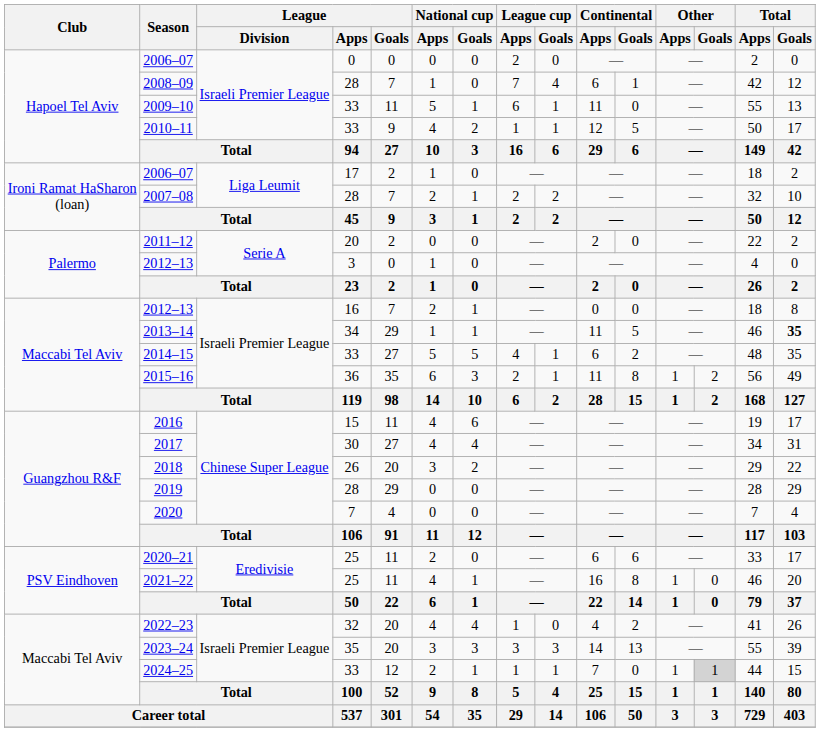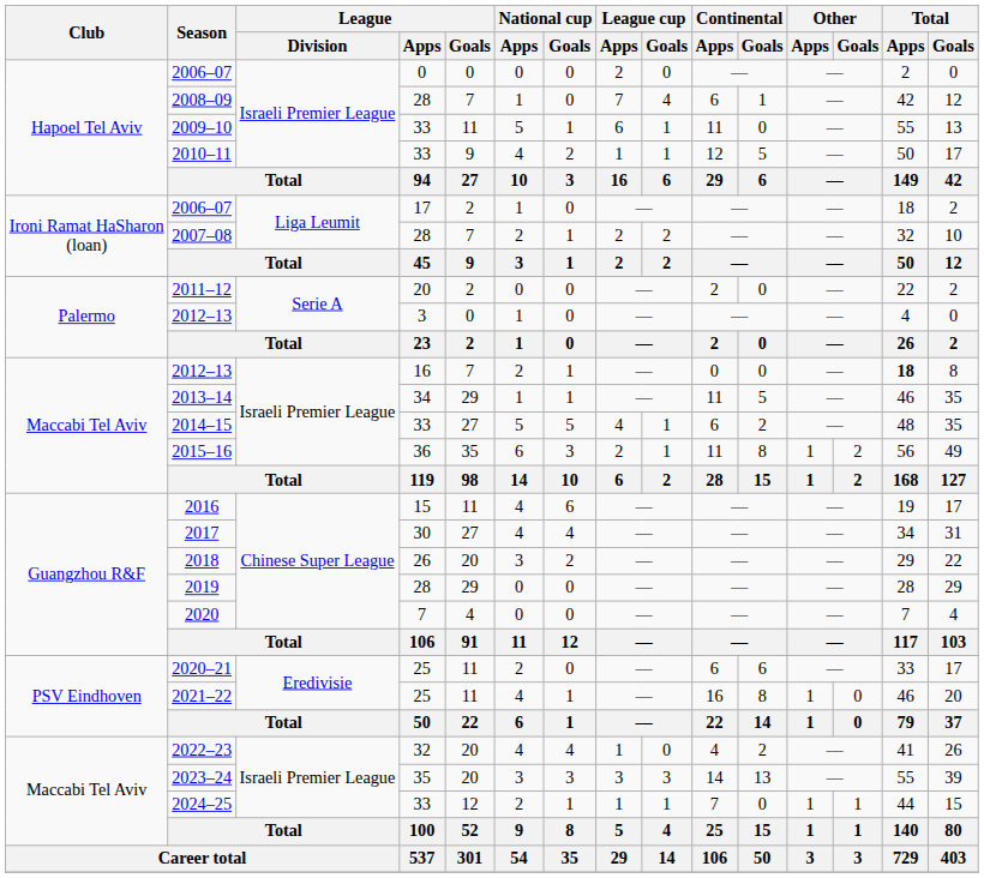 <table class="wikitable" style="text-align: center">
 <tr>
 <th rowspan="2">Club</th>
 <th rowspan="2">Season</th>
 <th colspan="3">League</th>
 <th colspan="2">National cup</th>
 <th colspan="2">League cup</th>
 <th colspan="2">Continental</th>
 <th colspan="2">Other</th>
 <th colspan="2">Total</th>
 </tr>
 <tr>
 <th>Division</th>
 <th>Apps</th>
 <th>Goals</th>
 <th>Apps</th>
 <th>Goals</th>
 <th>Apps</th>
 <th>Goals</th>
 <th>Apps</th>
 <th>Goals</th>
 <th>Apps</th>
 <th>Goals</th>
 <th>Apps</th>
 <th>Goals</th>
 </tr>
 <tr>
 <td rowspan="5"><a href='#'>Hapoel Tel Aviv</a></td>
 <td><a href='#'>2006–07</a></td>
 <td rowspan="4"><a href='#'>Israeli Premier League</a></td>
 <td>0</td>
 <td>0</td>
 <td>0</td>
 <td>0</td>
 <td>2</td>
 <td>0</td>
 <td colspan="2">—</td>
 <td colspan="2">—</td>
 <td>2</td>
 <td>0</td>
 </tr>
 <tr>
 <td><a href='#'>2008–09</a></td>
 <td>28</td>
 <td>7</td>
 <td>1</td>
 <td>0</td>
 <td>7</td>
 <td>4</td>
 <td>6</td>
 <td>1</td>
 <td colspan="2">—</td>
 <td>42</td>
 <td>12</td>
 </tr>
 <tr>
 <td><a href='#'>2009–10</a></td>
 <td>33</td>
 <td>11</td>
 <td>5</td>
 <td>1</td>
 <td>6</td>
 <td>1</td>
 <td>11</td>
 <td>0</td>
 <td colspan="2">—</td>
 <td>55</td>
 <td>13</td>
 </tr>
 <tr>
 <td><a href='#'>2010–11</a></td>
 <td>33</td>
 <td>9</td>
 <td>4</td>
 <td>2</td>
 <td>1</td>
 <td>1</td>
 <td>12</td>
 <td>5</td>
 <td colspan="2">—</td>
 <td>50</td>
 <td>17</td>
 </tr>
 <tr>
 <th colspan="2">Total</th>
 <th>94</th>
 <th>27</th>
 <th>10</th>
 <th>3</th>
 <th>16</th>
 <th>6</th>
 <th>29</th>
 <th>6</th>
 <th colspan="2">—</th>
 <th>149</th>
 <th>42</th>
 </tr>
 <tr>
 <td rowspan="3"><a href='#'>Ironi Ramat HaSharon</a><br>(loan)</td>
 <td><a href='#'>2006–07</a></td>
 <td rowspan="2"><a href='#'>Liga Leumit</a></td>
 <td>17</td>
 <td>2</td>
 <td>1</td>
 <td>0</td>
 <td colspan="2">—</td>
 <td colspan="2">—</td>
 <td colspan="2">—</td>
 <td>18</td>
 <td>2</td>
 </tr>
 <tr>
 <td><a href='#'>2007–08</a></td>
 <td>28</td>
 <td>7</td>
 <td>2</td>
 <td>1</td>
 <td>2</td>
 <td>2</td>
 <td colspan="2">—</td>
 <td colspan="2">—</td>
 <td>32</td>
 <td>10</td>
 </tr>
 <tr>
 <th colspan="2">Total</th>
 <th>45</th>
 <th>9</th>
 <th>3</th>
 <th>1</th>
 <th>2</th>
 <th>2</th>
 <th colspan="2">—</th>
 <th colspan="2">—</th>
 <th>50</th>
 <th>12</th>
 </tr>
 <tr>
 <td rowspan="3"><a href='#'>Palermo</a></td>
 <td><a href='#'>2011–12</a></td>
 <td rowspan="2"><a href='#'>Serie A</a></td>
 <td>20</td>
 <td>2</td>
 <td>0</td>
 <td>0</td>
 <td colspan="2">—</td>
 <td>2</td>
 <td>0</td>
 <td colspan="2">—</td>
 <td>22</td>
 <td>2</td>
 </tr>
 <tr>
 <td><a href='#'>2012–13</a></td>
 <td>3</td>
 <td>0</td>
 <td>1</td>
 <td>0</td>
 <td colspan="2">—</td>
 <td colspan="2">—</td>
 <td colspan="2">—</td>
 <td>4</td>
 <td>0</td>
 </tr>
 <tr>
 <th colspan="2">Total</th>
 <th>23</th>
 <th>2</th>
 <th>1</th>
 <th>0</th>
 <th colspan="2">—</th>
 <th>2</th>
 <th>0</th>
 <th colspan="2">—</th>
 <th>26</th>
 <th>2</th>
 </tr>
 <tr>
 <td rowspan="5"><a href='#'>Maccabi Tel Aviv</a></td>
 <td><a href='#'>2012–13</a></td>
 <td rowspan="4">Israeli Premier League</td>
 <td>16</td>
 <td>7</td>
 <td>2</td>
 <td>1</td>
 <td colspan="2">—</td>
 <td>0</td>
 <td>0</td>
 <td colspan="2">—</td>
-<td>18</td>
+<td><strong>18</strong></td>
 <td>8</td>
 </tr>
 <tr>
 <td><a href='#'>2013–14</a></td>
 <td>34</td>
 <td>29</td>
 <td>1</td>
 <td>1</td>
 <td colspan="2">—</td>
 <td>11</td>
 <td>5</td>
 <td colspan="2">—</td>
 <td>46</td>
-<td><strong>35</strong></td>
+<td>35</td>
 </tr>
 <tr>
 <td><a href='#'>2014–15</a></td>
 <td>33</td>
 <td>27</td>
 <td>5</td>
 <td>5</td>
 <td>4</td>
 <td>1</td>
 <td>6</td>
 <td>2</td>
 <td colspan="2">—</td>
 <td>48</td>
 <td>35</td>
 </tr>
 <tr>
 <td><a href='#'>2015–16</a></td>
 <td>36</td>
 <td>35</td>
 <td>6</td>
 <td>3</td>
 <td>2</td>
 <td>1</td>
 <td>11</td>
 <td>8</td>
 <td>1</td>
 <td>2</td>
 <td>56</td>
 <td>49</td>
 </tr>
 <tr>
 <th colspan="2">Total</th>
 <th>119</th>
 <th>98</th>
 <th>14</th>
 <th>10</th>
 <th>6</th>
 <th>2</th>
 <th>28</th>
 <th>15</th>
 <th>1</th>
 <th>2</th>
 <th>168</th>
 <th>127</th>
 </tr>
 <tr>
 <td rowspan="6"><a href='#'>Guangzhou R&F</a></td>
 <td><a href='#'>2016</a></td>
 <td rowspan="5"><a href='#'>Chinese Super League</a></td>
 <td>15</td>
 <td>11</td>
 <td>4</td>
 <td>6</td>
 <td colspan="2">—</td>
 <td colspan="2">—</td>
 <td colspan="2">—</td>
 <td>19</td>
 <td>17</td>
 </tr>
 <tr>
 <td><a href='#'>2017</a></td>
 <td>30</td>
 <td>27</td>
 <td>4</td>
 <td>4</td>
 <td colspan="2">—</td>
 <td colspan="2">—</td>
 <td colspan="2">—</td>
 <td>34</td>
 <td>31</td>
 </tr>
 <tr>
 <td><a href='#'>2018</a></td>
 <td>26</td>
 <td>20</td>
 <td>3</td>
 <td>2</td>
 <td colspan="2">—</td>
 <td colspan="2">—</td>
 <td colspan="2">—</td>
 <td>29</td>
 <td>22</td>
 </tr>
 <tr>
 <td><a href='#'>2019</a></td>
 <td>28</td>
 <td>29</td>
 <td>0</td>
 <td>0</td>
 <td colspan="2">—</td>
 <td colspan="2">—</td>
 <td colspan="2">—</td>
 <td>28</td>
 <td>29</td>
 </tr>
 <tr>
 <td><a href='#'>2020</a></td>
 <td>7</td>
 <td>4</td>
 <td>0</td>
 <td>0</td>
 <td colspan="2">—</td>
 <td colspan="2">—</td>
 <td colspan="2">—</td>
 <td>7</td>
 <td>4</td>
 </tr>
 <tr>
 <th colspan="2">Total</th>
 <th>106</th>
 <th>91</th>
 <th>11</th>
 <th>12</th>
 <th colspan="2">—</th>
 <th colspan="2">—</th>
 <th colspan="2">—</th>
 <th>117</th>
 <th>103</th>
 </tr>
 <tr>
 <td rowspan="3"><a href='#'>PSV Eindhoven</a></td>
 <td><a href='#'>2020–21</a></td>
 <td rowspan="2"><a href='#'>Eredivisie</a></td>
 <td>25</td>
 <td>11</td>
 <td>2</td>
 <td>0</td>
 <td colspan="2">—</td>
 <td>6</td>
 <td>6</td>
 <td colspan="2">—</td>
 <td>33</td>
 <td>17</td>
 </tr>
 <tr>
 <td><a href='#'>2021–22</a></td>
 <td>25</td>
 <td>11</td>
 <td>4</td>
 <td>1</td>
 <td colspan="2">—</td>
 <td>16</td>
 <td>8</td>
 <td>1</td>
 <td>0</td>
 <td>46</td>
 <td>20</td>
 </tr>
 <tr>
 <th colspan="2">Total</th>
 <th>50</th>
 <th>22</th>
 <th>6</th>
 <th>1</th>
 <th colspan="2">—</th>
 <th>22</th>
 <th>14</th>
 <th>1</th>
 <th>0</th>
 <th>79</th>
 <th>37</th>
 </tr>
 <tr>
 <td rowspan="4">Maccabi Tel Aviv</td>
 <td><a href='#'>2022–23</a></td>
 <td rowspan="3">Israeli Premier League</td>
 <td>32</td>
 <td>20</td>
 <td>4</td>
 <td>4</td>
 <td>1</td>
 <td>0</td>
 <td>4</td>
 <td>2</td>
 <td colspan="2">—</td>
 <td>41</td>
 <td>26</td>
 </tr>
 <tr>
 <td><a href='#'>2023–24</a></td>
 <td>35</td>
 <td>20</td>
 <td>3</td>
 <td>3</td>
 <td>3</td>
 <td>3</td>
 <td>14</td>
 <td>13</td>
 <td colspan="2">—</td>
 <td>55</td>
 <td>39</td>
 </tr>
 <tr>
 <td><a href='#'>2024–25</a></td>
 <td>33</td>
 <td>12</td>
 <td>2</td>
 <td>1</td>
 <td>1</td>
 <td>1</td>
 <td>7</td>
 <td>0</td>
 <td>1</td>
-<td style="background: lightgrey;">1</td>
+<td>1</td>
 <td>44</td>
 <td>15</td>
 </tr>
 <tr>
 <th colspan="2">Total</th>
 <th>100</th>
 <th>52</th>
 <th>9</th>
 <th>8</th>
 <th>5</th>
 <th>4</th>
 <th>25</th>
 <th>15</th>
 <th>1</th>
 <th>1</th>
 <th>140</th>
 <th>80</th>
 </tr>
 <tr>
 <th colspan="3">Career total</th>
 <th>537</th>
 <th>301</th>
 <th>54</th>
 <th>35</th>
 <th>29</th>
 <th>14</th>
 <th>106</th>
 <th>50</th>
 <th>3</th>
 <th>3</th>
 <th>729</th>
 <th>403</th>
 </tr>
 <tr>
 </tr>
 </table>
